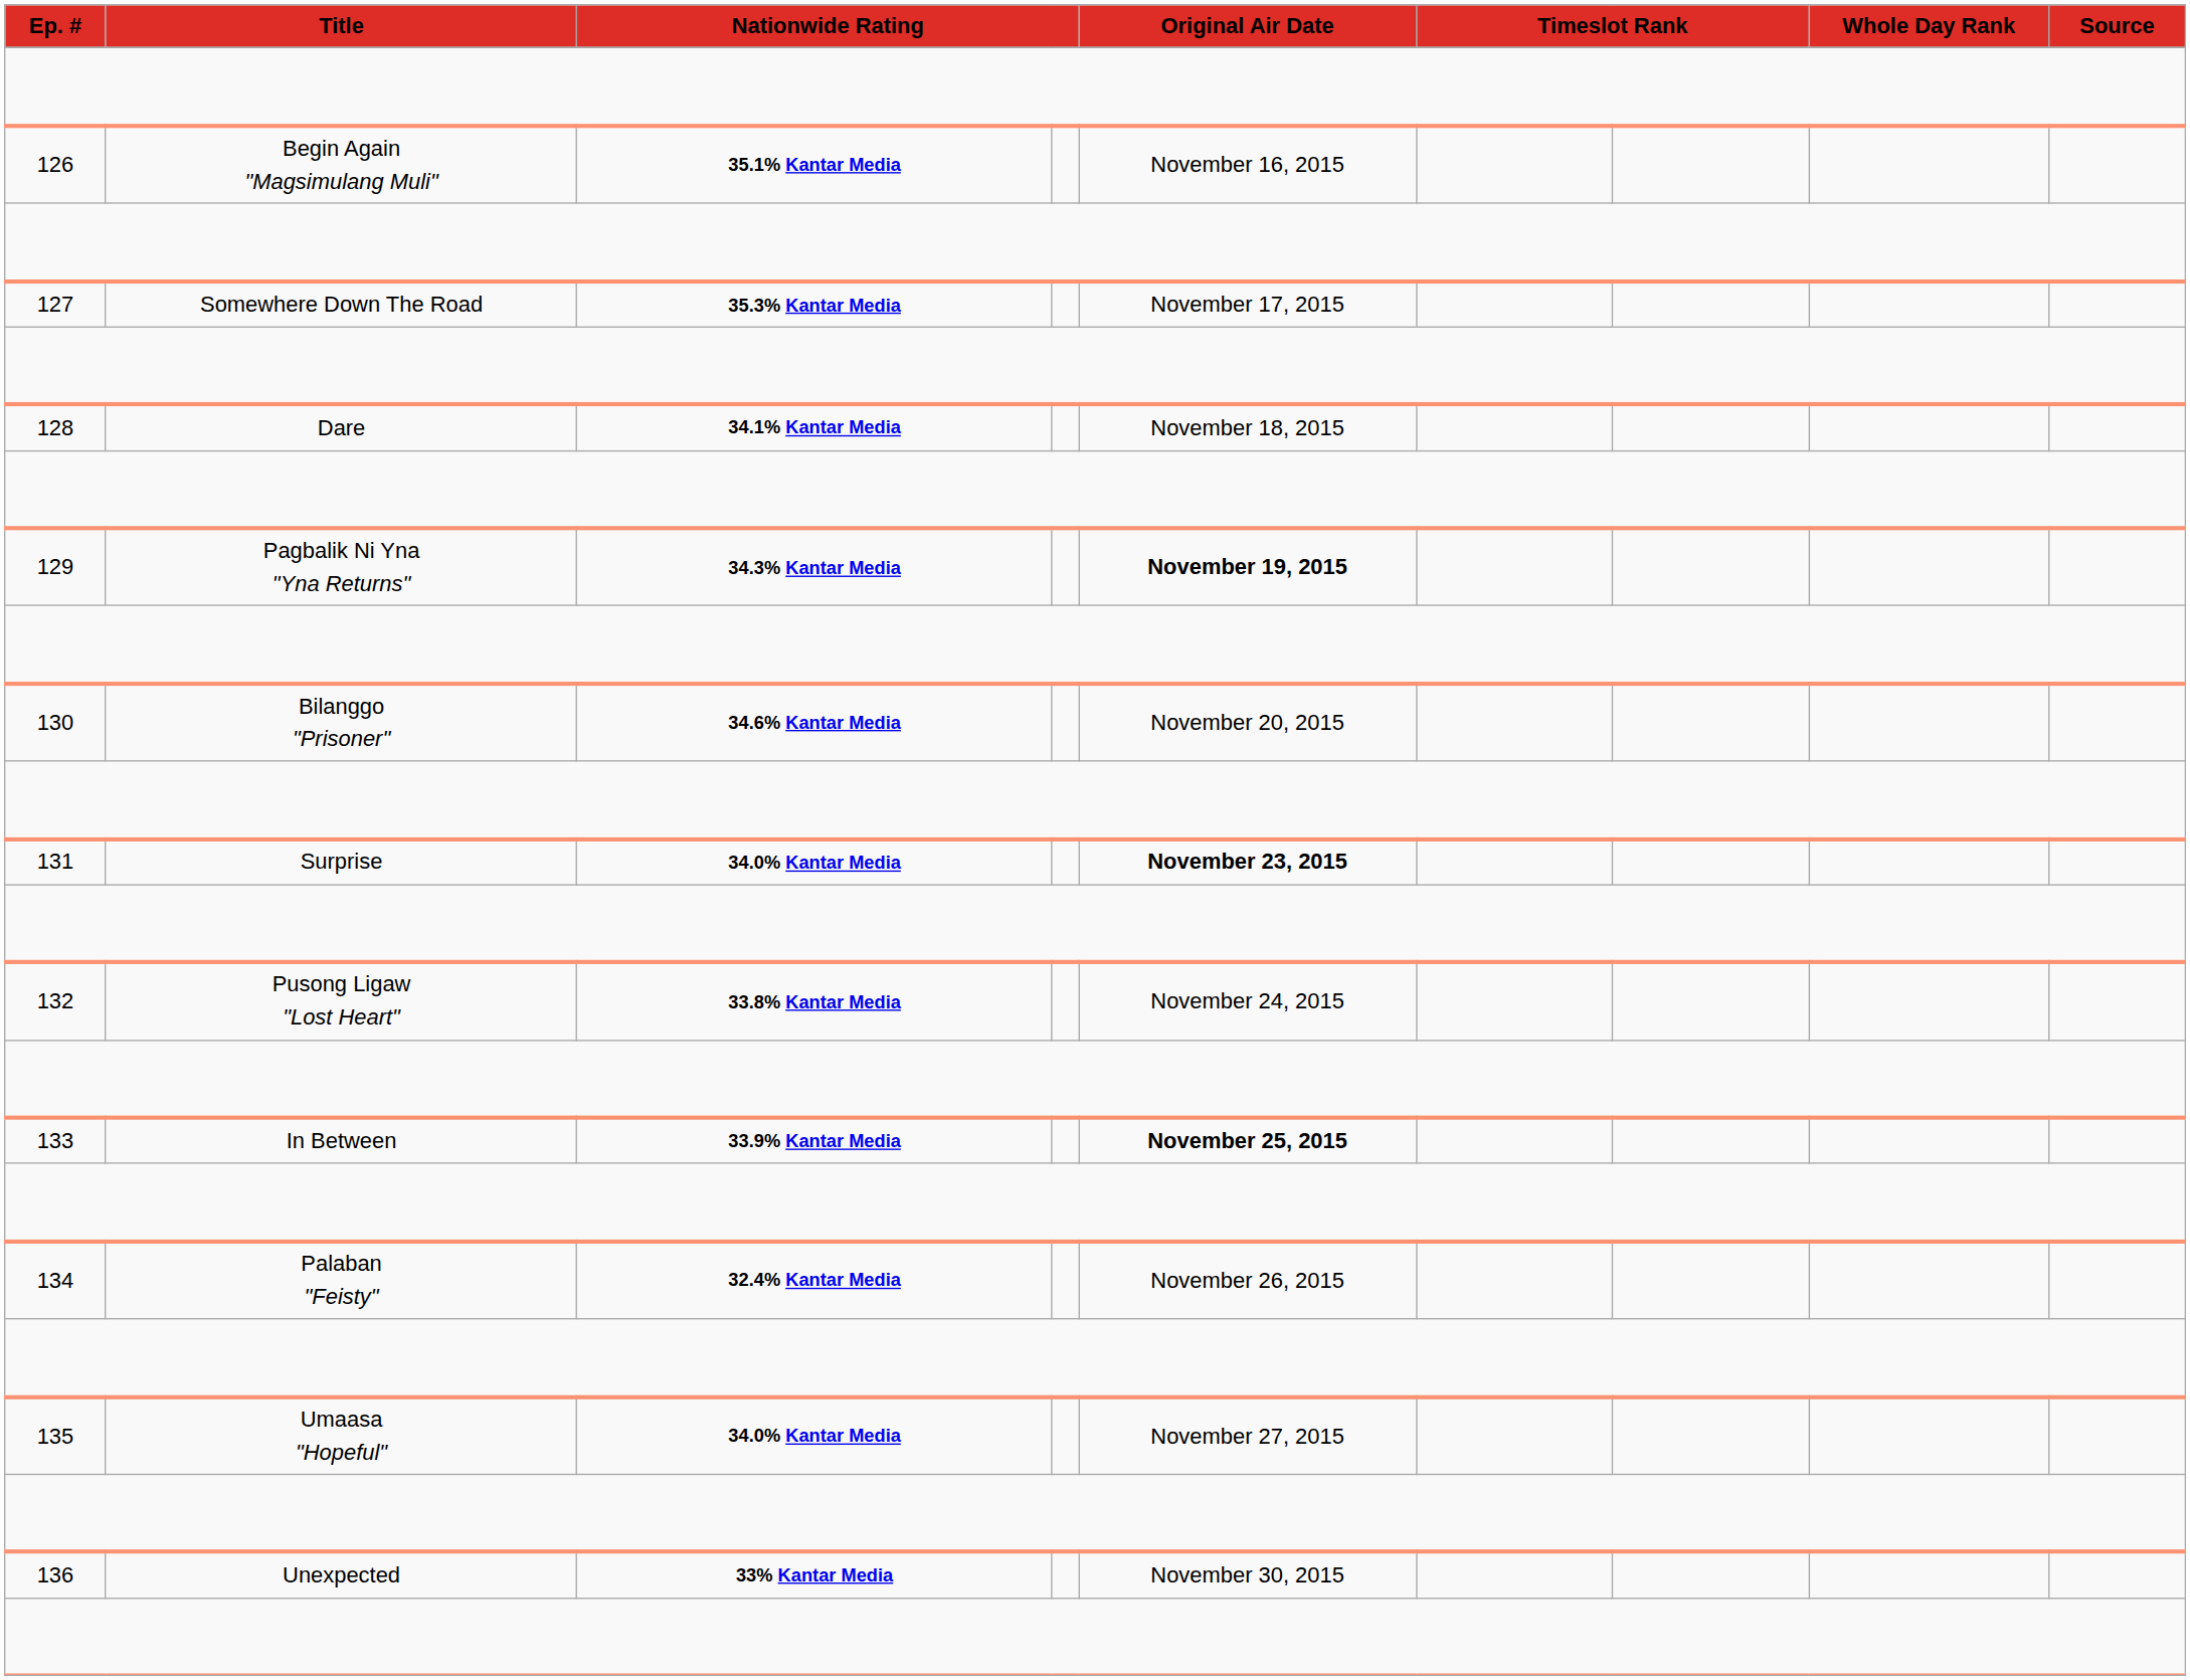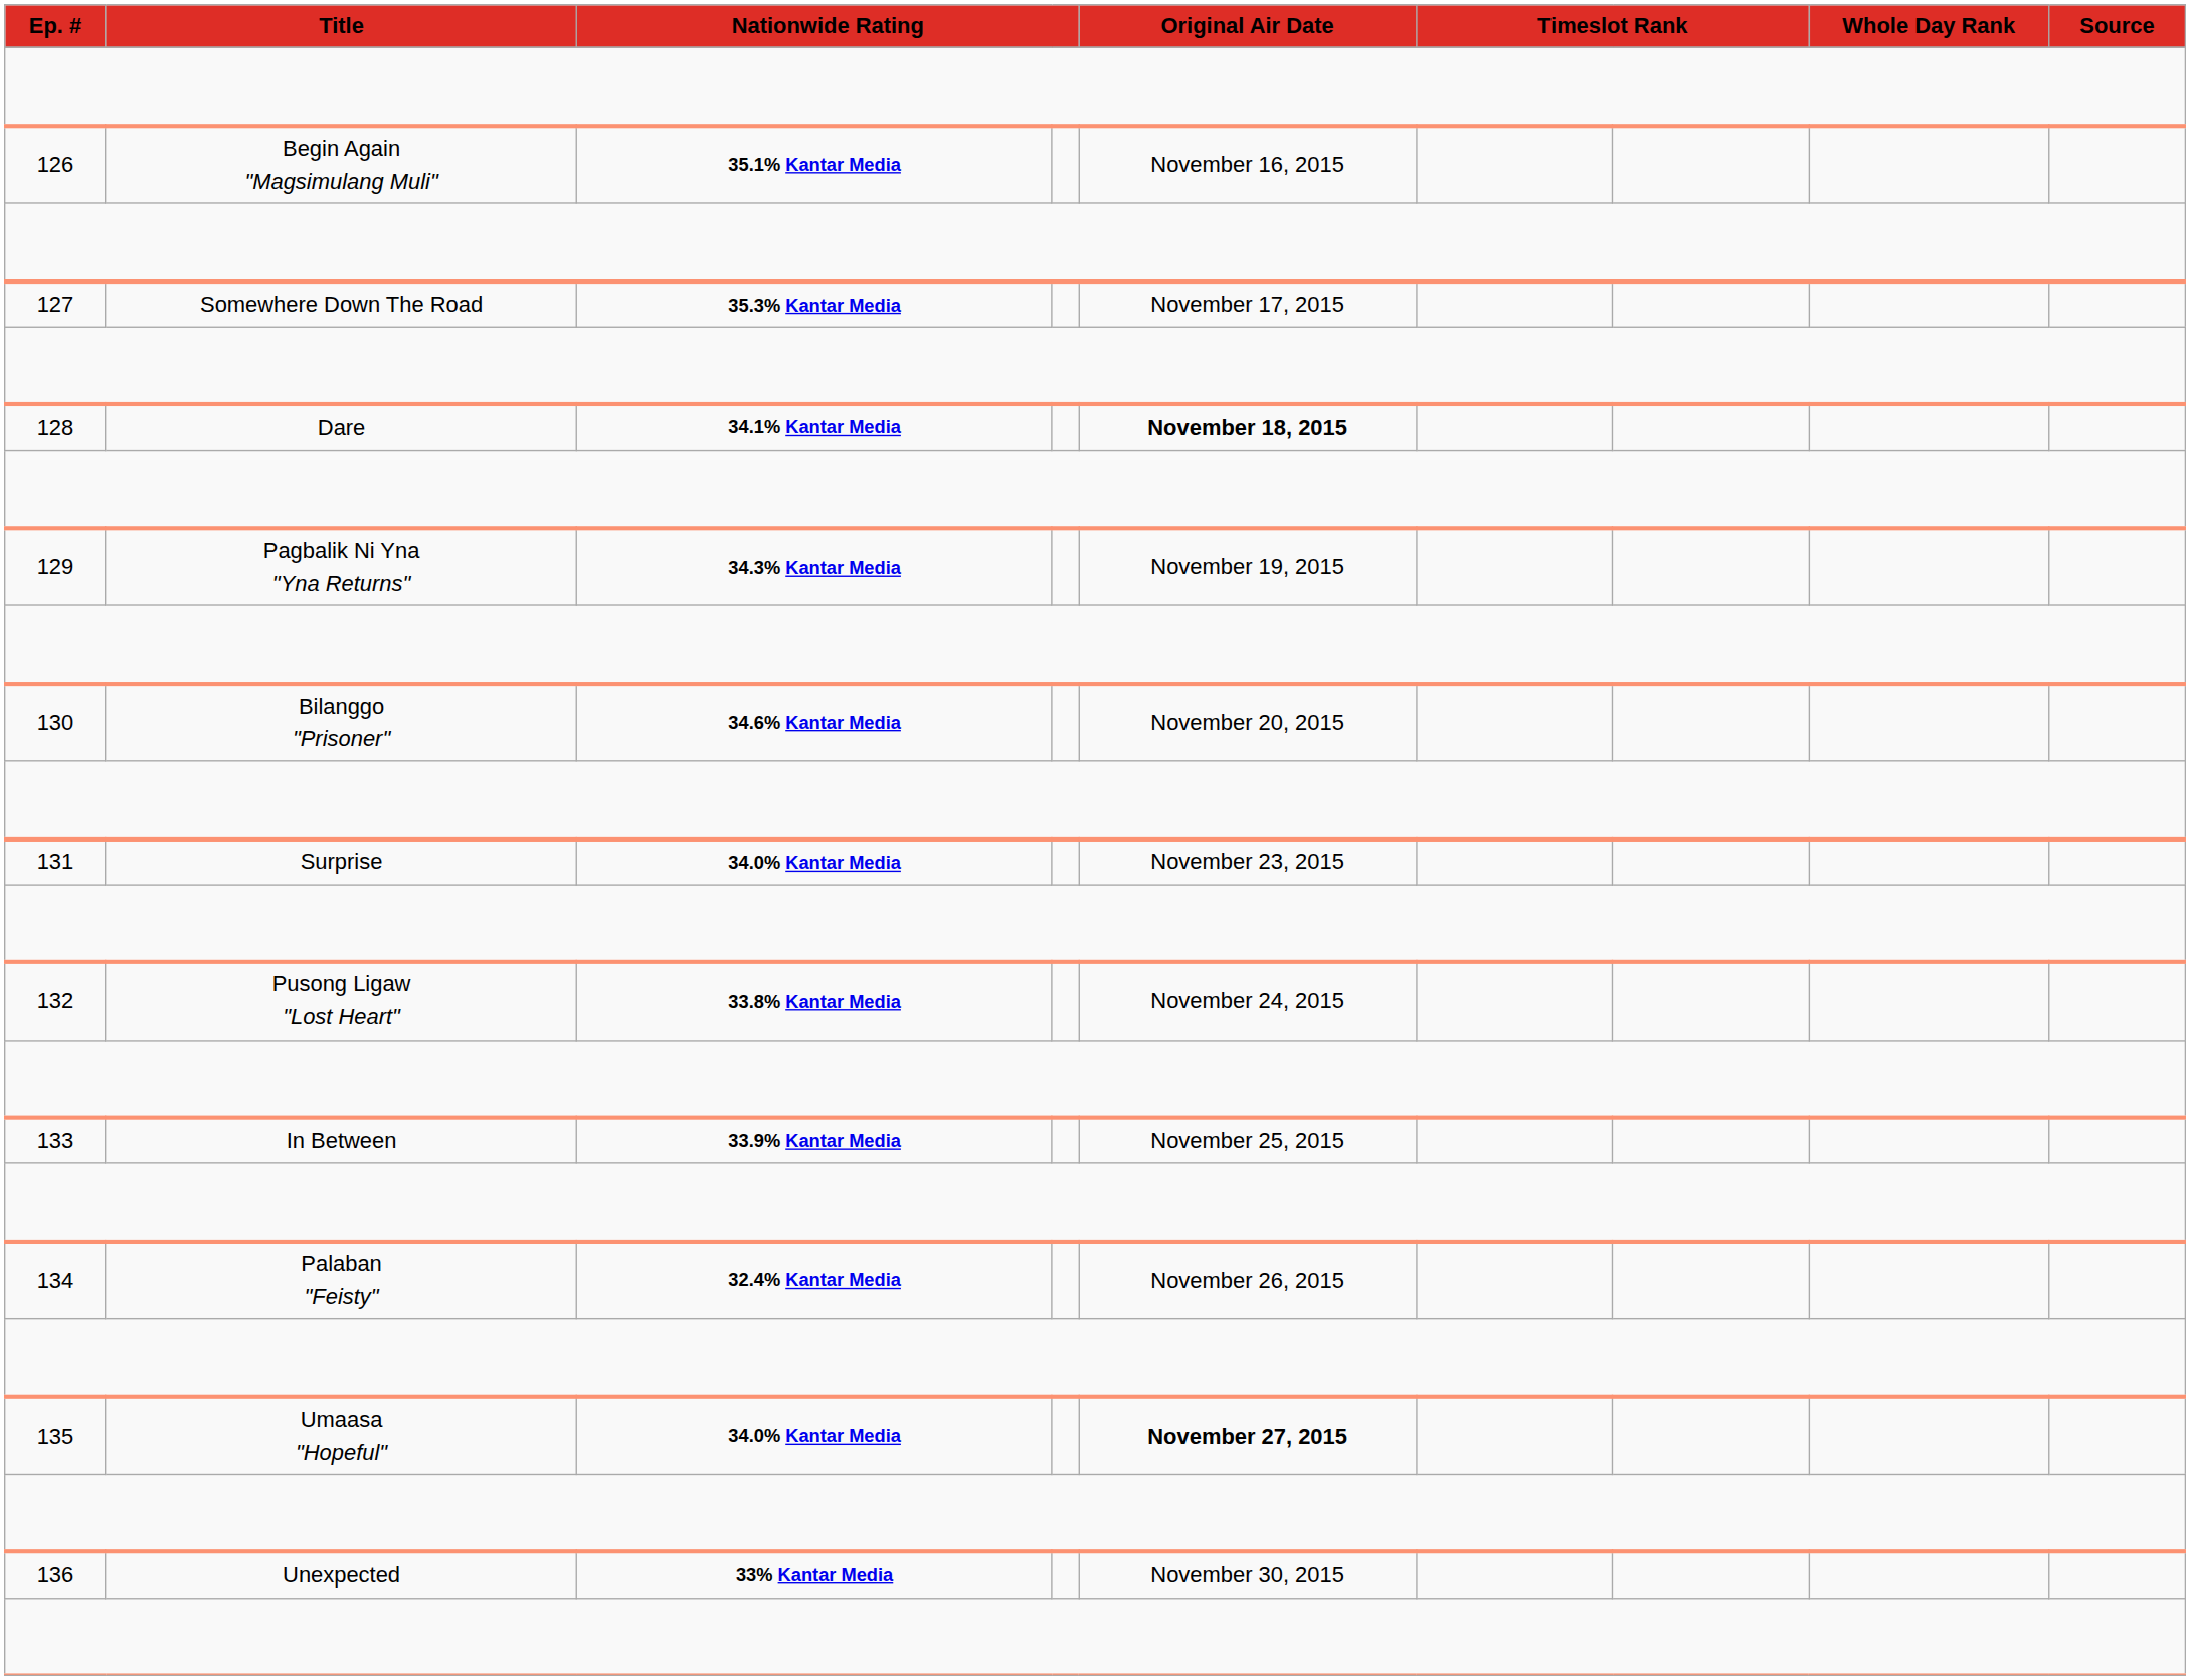 <table class="wikitable" style="text-align: center; background:#f9f9f9; line-height:16px; line-height:150%" width="100%">
 <tr style="color:black;">
 <th style="background:#de2d26;">Ep. #</th>
 <th style="background:#de2d26;">Title</th>
 <th style="background:#de2d26;" colspan="2" width="23%">Nationwide Rating</th>
 <th style="background:#de2d26;">Original Air Date</th>
 <th style="background:#de2d26;" colspan="2" width="18%">Timeslot Rank</th>
 <th style="background:#de2d26;" width="11%">Whole Day Rank</th>
 <th style="background:#de2d26;">Source</th>
 </tr>
 <tr style="text-align: center">
 </tr>
 <tr style="text-align: center">
 <td colspan = "10" style="text-align: left; border-bottom: 3px solid #fc9272;"><br><br></td>
 </tr>
 <tr style="text-align: center">
 <td>126</td>
 <td>Begin Again <br> <em>"Magsimulang Muli"</em></td>
 <td><small><strong>35.1% <a href='#'>Kantar Media</a></strong></small></td>
 <td></td>
 <td>November 16, 2015</td>
 <td></td>
 <td></td>
 <td></td>
 </tr>
 <tr style="text-align: center">
 <td colspan = "10" style="text-align: left; border-bottom: 3px solid #fc9272;"><br><br></td>
 </tr>
 <tr style="text-align: center">
 <td>127</td>
 <td>Somewhere Down The Road</td>
 <td><small><strong>35.3% <a href='#'>Kantar Media</a></strong></small></td>
 <td></td>
 <td>November 17, 2015</td>
 <td></td>
 <td></td>
 <td></td>
 </tr>
 <tr style="text-align: center">
 <td colspan = "10" style="text-align: left; border-bottom: 3px solid #fc9272;"><br><br></td>
 </tr>
 <tr style="text-align: center">
 <td>128</td>
 <td>Dare</td>
 <td><small><strong>34.1% <a href='#'>Kantar Media</a></strong></small></td>
 <td></td>
-<td>November 18, 2015</td>
+<td><strong>November 18, 2015</strong></td>
 <td></td>
 <td></td>
 <td></td>
 </tr>
 <tr style="text-align: center">
 <td colspan = "10" style="text-align: left; border-bottom: 3px solid #fc9272;"><br><br></td>
 </tr>
 <tr style="text-align: center">
 <td>129</td>
 <td>Pagbalik Ni Yna <br> <em>"Yna Returns"</em></td>
 <td><small><strong>34.3% <a href='#'>Kantar Media</a></strong></small></td>
 <td></td>
-<td><strong>November 19, 2015</strong></td>
+<td>November 19, 2015</td>
 <td></td>
 <td></td>
 <td></td>
 </tr>
 <tr style="text-align: center">
 <td colspan = "10" style="text-align: left; border-bottom: 3px solid #fc9272;"><br><br></td>
 </tr>
 <tr style="text-align: center">
 <td>130</td>
 <td>Bilanggo <br> <em>"Prisoner"</em></td>
 <td><small> <strong>34.6% <a href='#'>Kantar Media</a></strong></small></td>
 <td></td>
 <td>November 20, 2015</td>
 <td></td>
 <td></td>
 <td></td>
 </tr>
 <tr style="text-align: center">
 <td colspan = "10" style="text-align: left; border-bottom: 3px solid #fc9272;"><br><br></td>
 </tr>
 <tr style="text-align: center">
 <td>131</td>
 <td>Surprise</td>
 <td><small><strong>34.0% <a href='#'>Kantar Media</a></strong></small></td>
 <td></td>
-<td><strong>November 23, 2015</strong></td>
+<td>November 23, 2015</td>
 <td></td>
 <td></td>
 <td></td>
 </tr>
 <tr style="text-align: center">
 <td colspan = "10" style="text-align: left; border-bottom: 3px solid #fc9272;"><br><br></td>
 </tr>
 <tr style="text-align: center">
 <td>132</td>
 <td>Pusong Ligaw <br> <em>"Lost Heart"</em></td>
 <td><small> <strong>33.8% <a href='#'>Kantar Media</a></strong></small></td>
 <td></td>
 <td>November 24, 2015</td>
 <td></td>
 <td></td>
 <td></td>
 </tr>
 <tr style="text-align: center">
 <td colspan = "10" style="text-align: left; border-bottom: 3px solid #fc9272;"><br><br></td>
 </tr>
 <tr style="text-align: center">
 <td>133</td>
 <td>In Between</td>
 <td><small> <strong>33.9% <a href='#'>Kantar Media</a></strong></small></td>
 <td></td>
-<td><strong>November 25, 2015</strong></td>
+<td>November 25, 2015</td>
 <td></td>
 <td></td>
 <td></td>
 </tr>
 <tr style="text-align: center">
 <td colspan = "10" style="text-align: left; border-bottom: 3px solid #fc9272;"><br><br></td>
 </tr>
 <tr style="text-align: center">
 <td>134</td>
 <td>Palaban <br> <em>"Feisty"</em></td>
 <td><small> <strong>32.4% <a href='#'>Kantar Media</a></strong></small></td>
 <td></td>
 <td>November 26, 2015</td>
 <td></td>
 <td></td>
 <td></td>
 </tr>
 <tr style="text-align: center">
 <td colspan = "10" style="text-align: left; border-bottom: 3px solid #fc9272;"><br><br></td>
 </tr>
 <tr style="text-align: center">
 <td>135</td>
 <td>Umaasa <br> <em>"Hopeful"</em></td>
 <td><small><strong>34.0% <a href='#'>Kantar Media</a></strong></small></td>
 <td></td>
-<td>November 27, 2015</td>
+<td><strong>November 27, 2015</strong></td>
 <td></td>
 <td></td>
 <td></td>
 </tr>
 <tr style="text-align: center">
 <td colspan = "10" style="text-align: left; border-bottom: 3px solid #fc9272;"><br><br></td>
 </tr>
 <tr style="text-align: center">
 <td>136</td>
 <td>Unexpected</td>
 <td><small><strong>33% <a href='#'>Kantar Media</a></strong></small></td>
 <td></td>
 <td>November 30, 2015</td>
 <td></td>
 <td></td>
 <td></td>
 </tr>
 <tr style="text-align: center">
 <td colspan = "10" style="text-align: left; border-bottom: 3px solid #fc9272;"><br><br></td>
 </tr>
 <tr>
 </tr>
 </table>
